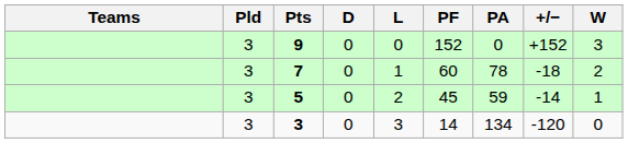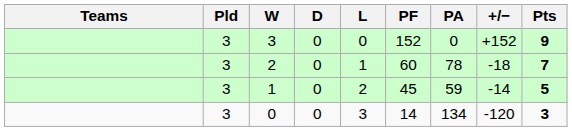 <table class="wikitable" style="text-align: center;">
 <tr>
 <th width="200">Teams</th>
 <th width="40">Pld</th>
-<th width="40">Pts</th>
+<th width="40">W</th>
 <th width="40">D</th>
 <th width="40">L</th>
 <th width="40">PF</th>
 <th width="40">PA</th>
 <th width="40">+/−</th>
-<th width="40">W</th>
+<th width="40">Pts</th>
 </tr>
 <tr bgcolor=#ccffcc>
 <td align=left></td>
 <td>3</td>
-<td><strong>9</strong></td>
+<td>3</td>
 <td>0</td>
 <td>0</td>
 <td>152</td>
 <td>0</td>
 <td>+152</td>
-<td>3</td>
+<td><strong>9</strong></td>
 </tr>
 <tr bgcolor=#ccffcc>
 <td align=left></td>
 <td>3</td>
-<td><strong>7</strong></td>
+<td>2</td>
 <td>0</td>
 <td>1</td>
 <td>60</td>
 <td>78</td>
 <td>-18</td>
-<td>2</td>
+<td><strong>7</strong></td>
 </tr>
 <tr bgcolor=#ccffcc>
 <td align=left></td>
 <td>3</td>
-<td><strong>5</strong></td>
+<td>1</td>
 <td>0</td>
 <td>2</td>
 <td>45</td>
 <td>59</td>
 <td>-14</td>
-<td>1</td>
+<td><strong>5</strong></td>
 </tr>
 <tr>
 <td align=left></td>
 <td>3</td>
-<td><strong>3</strong></td>
+<td>0</td>
 <td>0</td>
 <td>3</td>
 <td>14</td>
 <td>134</td>
 <td>-120</td>
-<td>0</td>
+<td><strong>3</strong></td>
 </tr>
 </table>
